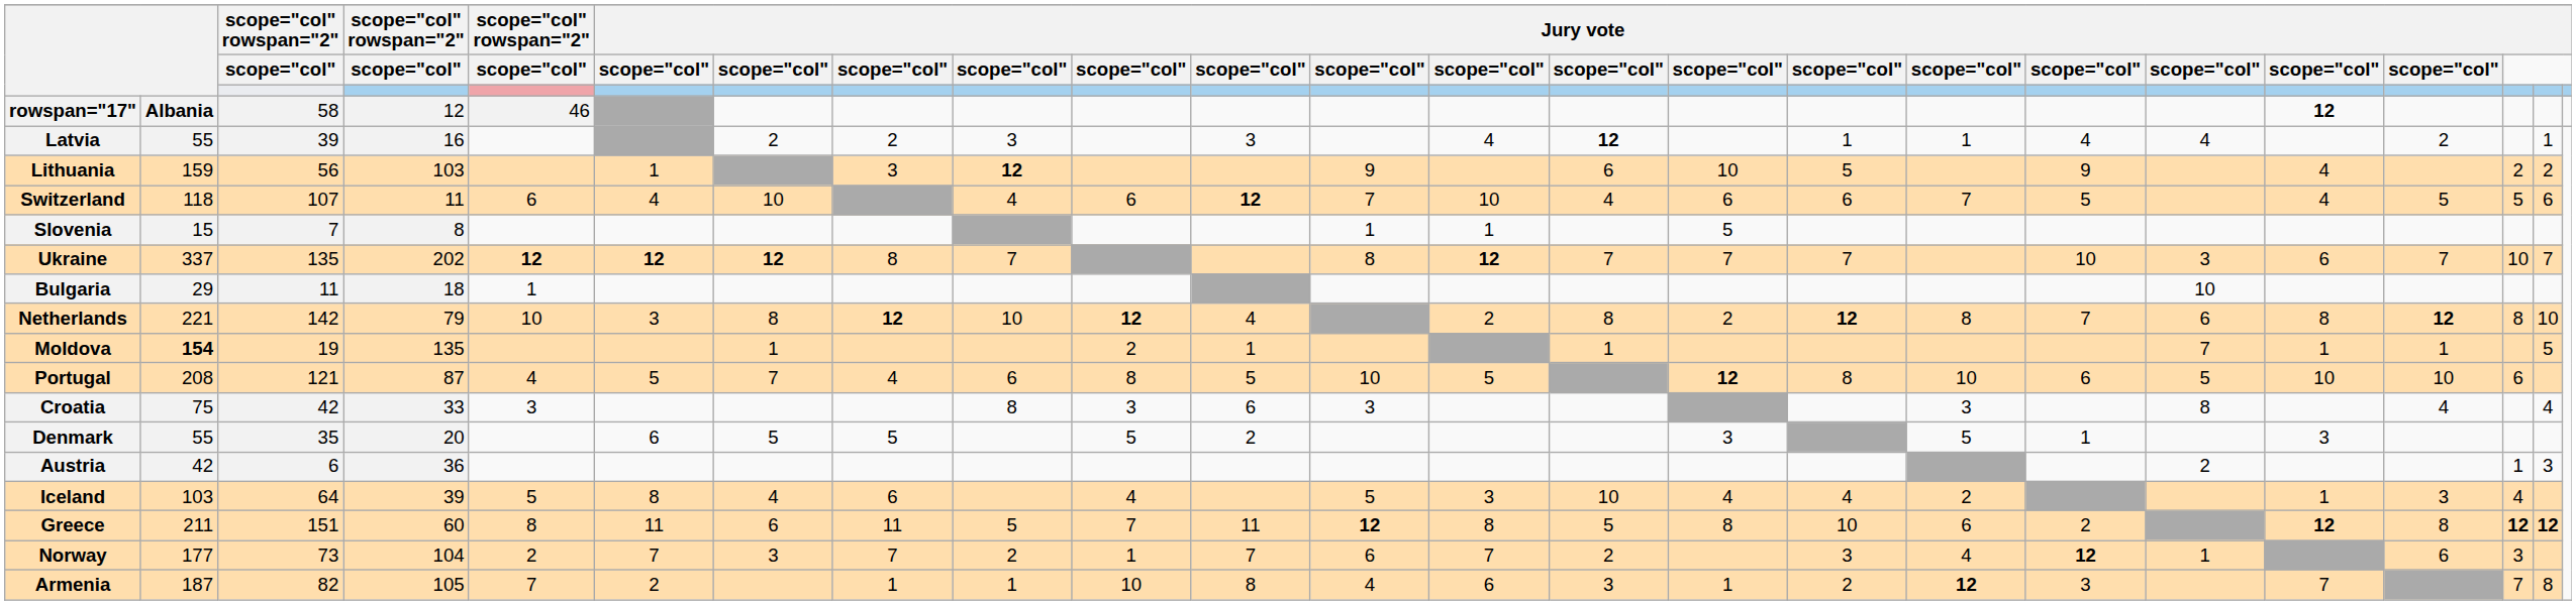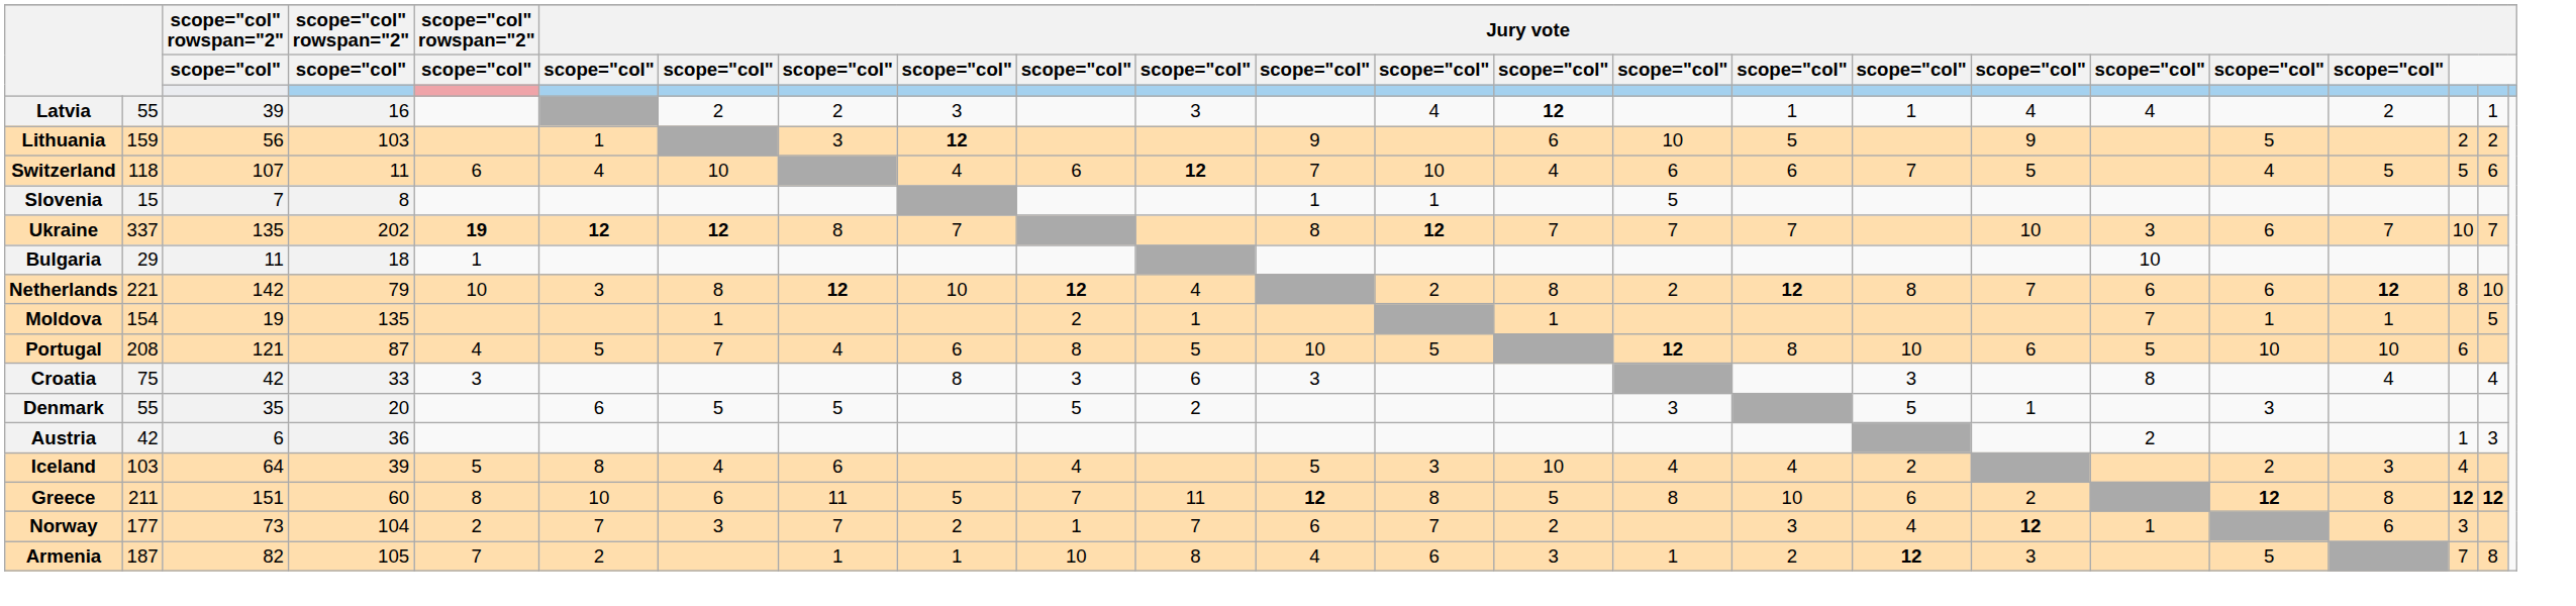 <table class="wikitable plainrowheaders" style="text-align: center; font-size: 85%;">
 <tr>
 </tr>
 <tr>
 <td colspan="2" rowspan="3" style="background: #F2F2F2;"></td>
 <th>scope="col" rowspan="2" </th>
 <th>scope="col" rowspan="2" </th>
 <th>scope="col" rowspan="2" </th>
 <th colspan="19" scope="col">Jury vote</th>
 </tr>
 <tr>
 <th>scope="col" </th>
 <th>scope="col" </th>
 <th>scope="col" </th>
 <th>scope="col" </th>
 <th>scope="col" </th>
 <th>scope="col" </th>
 <th>scope="col" </th>
 <th>scope="col" </th>
 <th>scope="col" </th>
 <th>scope="col" </th>
 <th>scope="col" </th>
 <th>scope="col" </th>
 <th>scope="col" </th>
 <th>scope="col" </th>
 <th>scope="col" </th>
 <th>scope="col" </th>
 <th>scope="col" </th>
 <th>scope="col" </th>
 <th>scope="col" </th>
 </tr>
 <tr>
 <td style="height:2px; background: #eaecf0; border-top:1px solid transparent;"></td>
 <td style="background: #A4D1EF;"></td>
 <td style="background: #EFA4A9;"></td>
 <td style="background: #A4D1EF;"></td>
 <td style="background: #A4D1EF;"></td>
 <td style="background: #A4D1EF;"></td>
 <td style="background: #A4D1EF;"></td>
 <td style="background: #A4D1EF;"></td>
 <td style="background: #A4D1EF;"></td>
 <td style="background: #A4D1EF;"></td>
 <td style="background: #A4D1EF;"></td>
 <td style="background: #A4D1EF;"></td>
 <td style="background: #A4D1EF;"></td>
 <td style="background: #A4D1EF;"></td>
 <td style="background: #A4D1EF;"></td>
 <td style="background: #A4D1EF;"></td>
 <td style="background: #A4D1EF;"></td>
 <td style="background: #A4D1EF;"></td>
 <td style="background: #A4D1EF;"></td>
 <td style="background: #A4D1EF;"></td>
 <td style="background: #A4D1EF;"></td>
 <td style="background: #A4D1EF;"></td>
 </tr>
 <tr>
-<th>rowspan="17" </th>
-<th scope="row" style="background: #f2f2f2;">Albania</th>
-<td style="text-align: right; background: #f2f2f2;">58</td>
-<td style="text-align: right; background: #f2f2f2;">12</td>
-<td style="text-align: right; background: #f2f2f2;">46</td>
-<td style="background: #aaa;"></td>
-<td></td>
-<td></td>
-<td></td>
-<td></td>
-<td></td>
-<td></td>
-<td></td>
-<td></td>
-<td></td>
-<td></td>
-<td></td>
-<td></td>
-<td></td>
-<td><strong>12</strong></td>
-<td></td>
-<td></td>
-<td></td>
-<td></td>
-</tr>
-<tr>
 <th scope="row" style="background: #f2f2f2;">Latvia</th>
 <td style="text-align: right; background: #f2f2f2;">55</td>
 <td style="text-align: right; background: #f2f2f2;">39</td>
 <td style="text-align: right; background: #f2f2f2;">16</td>
 <td></td>
 <td style="background: #aaa;"></td>
 <td>2</td>
 <td>2</td>
 <td>3</td>
 <td></td>
 <td>3</td>
 <td></td>
 <td>4</td>
 <td><strong>12</strong></td>
 <td></td>
 <td>1</td>
 <td>1</td>
 <td>4</td>
 <td>4</td>
 <td></td>
 <td>2</td>
 <td></td>
 <td>1</td>
 </tr>
 <tr style="background:#ffdead;">
 <th scope="row" style="font-weight: bold; background: #ffdead;">Lithuania</th>
 <td style="text-align: right;">159</td>
 <td style="text-align: right;">56</td>
 <td style="text-align: right;">103</td>
 <td></td>
 <td>1</td>
 <td style="background: #aaa;"></td>
 <td>3</td>
 <td><strong>12</strong></td>
 <td></td>
 <td></td>
 <td>9</td>
 <td></td>
 <td>6</td>
 <td>10</td>
 <td>5</td>
 <td></td>
 <td>9</td>
 <td></td>
-<td>4</td>
+<td>5</td>
 <td></td>
 <td>2</td>
 <td>2</td>
 </tr>
 <tr style="background:#ffdead;">
 <th scope="row" style="font-weight: bold; background: #ffdead;">Switzerland</th>
 <td style="text-align: right;">118</td>
 <td style="text-align: right;">107</td>
 <td style="text-align: right;">11</td>
 <td>6</td>
 <td>4</td>
 <td>10</td>
 <td style="background: #aaa;"></td>
 <td>4</td>
 <td>6</td>
 <td><strong>12</strong></td>
 <td>7</td>
 <td>10</td>
 <td>4</td>
 <td>6</td>
 <td>6</td>
 <td>7</td>
 <td>5</td>
 <td></td>
 <td>4</td>
 <td>5</td>
 <td>5</td>
 <td>6</td>
 </tr>
 <tr>
 <th scope="row" style="background: #f2f2f2;">Slovenia</th>
 <td style="text-align: right; background: #f2f2f2;">15</td>
 <td style="text-align: right; background: #f2f2f2;">7</td>
 <td style="text-align: right; background: #f2f2f2;">8</td>
 <td></td>
 <td></td>
 <td></td>
 <td></td>
 <td style="background: #aaa;"></td>
 <td></td>
 <td></td>
 <td>1</td>
 <td>1</td>
 <td></td>
 <td>5</td>
 <td></td>
 <td></td>
 <td></td>
 <td></td>
 <td></td>
 <td></td>
 <td></td>
 <td></td>
 </tr>
 <tr style="background:#ffdead;">
 <th scope="row" style="font-weight: bold; background: #ffdead;">Ukraine</th>
 <td style="text-align: right;">337</td>
 <td style="text-align: right;">135</td>
 <td style="text-align: right;">202</td>
-<td><strong>12</strong></td>
+<td><strong>19</strong></td>
 <td><strong>12</strong></td>
 <td><strong>12</strong></td>
 <td>8</td>
 <td>7</td>
 <td style="background: #aaa;"></td>
 <td></td>
 <td>8</td>
 <td><strong>12</strong></td>
 <td>7</td>
 <td>7</td>
 <td>7</td>
 <td></td>
 <td>10</td>
 <td>3</td>
 <td>6</td>
 <td>7</td>
 <td>10</td>
 <td>7</td>
 </tr>
 <tr>
 <th scope="row" style="background: #f2f2f2;">Bulgaria</th>
 <td style="text-align: right; background: #f2f2f2;">29</td>
 <td style="text-align: right; background: #f2f2f2;">11</td>
 <td style="text-align: right; background: #f2f2f2;">18</td>
 <td>1</td>
 <td></td>
 <td></td>
 <td></td>
 <td></td>
 <td></td>
 <td style="background: #aaa;"></td>
 <td></td>
 <td></td>
 <td></td>
 <td></td>
 <td></td>
 <td></td>
 <td></td>
 <td>10</td>
 <td></td>
 <td></td>
 <td></td>
 <td></td>
 </tr>
 <tr style="background:#ffdead;">
 <th scope="row" style="font-weight: bold; background: #ffdead;">Netherlands</th>
 <td style="text-align: right;">221</td>
 <td style="text-align: right;">142</td>
 <td style="text-align: right;">79</td>
 <td>10</td>
 <td>3</td>
 <td>8</td>
 <td><strong>12</strong></td>
 <td>10</td>
 <td><strong>12</strong></td>
 <td>4</td>
 <td style="background: #aaa;"></td>
 <td>2</td>
 <td>8</td>
 <td>2</td>
 <td><strong>12</strong></td>
 <td>8</td>
 <td>7</td>
 <td>6</td>
-<td>8</td>
+<td>6</td>
 <td><strong>12</strong></td>
 <td>8</td>
 <td>10</td>
 </tr>
 <tr style="background:#ffdead;">
 <th scope="row" style="font-weight: bold; background: #ffdead;">Moldova</th>
-<td style="text-align: right;"><strong>154</strong></td>
+<td style="text-align: right;">154</td>
 <td style="text-align: right;">19</td>
 <td style="text-align: right;">135</td>
 <td></td>
 <td></td>
 <td>1</td>
 <td></td>
 <td></td>
 <td>2</td>
 <td>1</td>
 <td></td>
 <td style="background: #aaa;"></td>
 <td>1</td>
 <td></td>
 <td></td>
 <td></td>
 <td></td>
 <td>7</td>
 <td>1</td>
 <td>1</td>
 <td></td>
 <td>5</td>
 </tr>
 <tr style="background:#ffdead;">
 <th scope="row" style="font-weight: bold; background: #ffdead;">Portugal</th>
 <td style="text-align: right;">208</td>
 <td style="text-align: right;">121</td>
 <td style="text-align: right;">87</td>
 <td>4</td>
 <td>5</td>
 <td>7</td>
 <td>4</td>
 <td>6</td>
 <td>8</td>
 <td>5</td>
 <td>10</td>
 <td>5</td>
 <td style="background: #aaa;"></td>
 <td><strong>12</strong></td>
 <td>8</td>
 <td>10</td>
 <td>6</td>
 <td>5</td>
 <td>10</td>
 <td>10</td>
 <td>6</td>
 <td></td>
 </tr>
 <tr>
 <th scope="row" style="background: #f2f2f2;">Croatia</th>
 <td style="text-align: right; background: #f2f2f2;">75</td>
 <td style="text-align: right; background: #f2f2f2;">42</td>
 <td style="text-align: right; background: #f2f2f2;">33</td>
 <td>3</td>
 <td></td>
 <td></td>
 <td></td>
 <td>8</td>
 <td>3</td>
 <td>6</td>
 <td>3</td>
 <td></td>
 <td></td>
 <td style="background: #aaa;"></td>
 <td></td>
 <td>3</td>
 <td></td>
 <td>8</td>
 <td></td>
 <td>4</td>
 <td></td>
 <td>4</td>
 </tr>
 <tr>
 <th scope="row" style="background: #f2f2f2;">Denmark</th>
 <td style="text-align: right; background: #f2f2f2;">55</td>
 <td style="text-align: right; background: #f2f2f2;">35</td>
 <td style="text-align: right; background: #f2f2f2;">20</td>
 <td></td>
 <td>6</td>
 <td>5</td>
 <td>5</td>
 <td></td>
 <td>5</td>
 <td>2</td>
 <td></td>
 <td></td>
 <td></td>
 <td>3</td>
 <td style="background: #aaa;"></td>
 <td>5</td>
 <td>1</td>
 <td></td>
 <td>3</td>
 <td></td>
 <td></td>
 <td></td>
 </tr>
 <tr>
 <th scope="row" style="background: #f2f2f2;">Austria</th>
 <td style="text-align: right; background: #f2f2f2;">42</td>
 <td style="text-align: right; background: #f2f2f2;">6</td>
 <td style="text-align: right; background: #f2f2f2;">36</td>
 <td></td>
 <td></td>
 <td></td>
 <td></td>
 <td></td>
 <td></td>
 <td></td>
 <td></td>
 <td></td>
 <td></td>
 <td></td>
 <td></td>
 <td style="background: #aaa;"></td>
 <td></td>
 <td>2</td>
 <td></td>
 <td></td>
 <td>1</td>
 <td>3</td>
 </tr>
 <tr style="background:#ffdead;">
 <th scope="row" style="font-weight: bold; background: #ffdead;">Iceland</th>
 <td style="text-align: right;">103</td>
 <td style="text-align: right;">64</td>
 <td style="text-align: right;">39</td>
 <td>5</td>
 <td>8</td>
 <td>4</td>
 <td>6</td>
 <td></td>
 <td>4</td>
 <td></td>
 <td>5</td>
 <td>3</td>
 <td>10</td>
 <td>4</td>
 <td>4</td>
 <td>2</td>
 <td style="background: #aaa;"></td>
 <td></td>
-<td>1</td>
+<td>2</td>
 <td>3</td>
 <td>4</td>
 <td></td>
 </tr>
 <tr style="background:#ffdead;">
 <th scope="row" style="font-weight: bold; background: #ffdead;">Greece</th>
 <td style="text-align: right;">211</td>
 <td style="text-align: right;">151</td>
 <td style="text-align: right;">60</td>
 <td>8</td>
-<td>11</td>
+<td>10</td>
 <td>6</td>
 <td>11</td>
 <td>5</td>
 <td>7</td>
 <td>11</td>
 <td><strong>12</strong></td>
 <td>8</td>
 <td>5</td>
 <td>8</td>
 <td>10</td>
 <td>6</td>
 <td>2</td>
 <td style="background: #aaa;"></td>
 <td><strong>12</strong></td>
 <td>8</td>
 <td><strong>12</strong></td>
 <td><strong>12</strong></td>
 </tr>
 <tr style="background:#ffdead;">
 <th scope="row" style="font-weight: bold; background: #ffdead;">Norway</th>
 <td style="text-align: right;">177</td>
 <td style="text-align: right;">73</td>
 <td style="text-align: right;">104</td>
 <td>2</td>
 <td>7</td>
 <td>3</td>
 <td>7</td>
 <td>2</td>
 <td>1</td>
 <td>7</td>
 <td>6</td>
 <td>7</td>
 <td>2</td>
 <td></td>
 <td>3</td>
 <td>4</td>
 <td><strong>12</strong></td>
 <td>1</td>
 <td style="background: #aaa;"></td>
 <td>6</td>
 <td>3</td>
 <td></td>
 </tr>
 <tr style="background:#ffdead;">
 <th scope="row" style="font-weight: bold; background: #ffdead;">Armenia</th>
 <td style="text-align: right;">187</td>
 <td style="text-align: right;">82</td>
 <td style="text-align: right;">105</td>
 <td>7</td>
 <td>2</td>
 <td></td>
 <td>1</td>
 <td>1</td>
 <td>10</td>
 <td>8</td>
 <td>4</td>
 <td>6</td>
 <td>3</td>
 <td>1</td>
 <td>2</td>
 <td><strong>12</strong></td>
 <td>3</td>
 <td></td>
-<td>7</td>
+<td>5</td>
 <td style="background: #aaa;"></td>
 <td>7</td>
 <td>8</td>
 </tr>
 </table>
